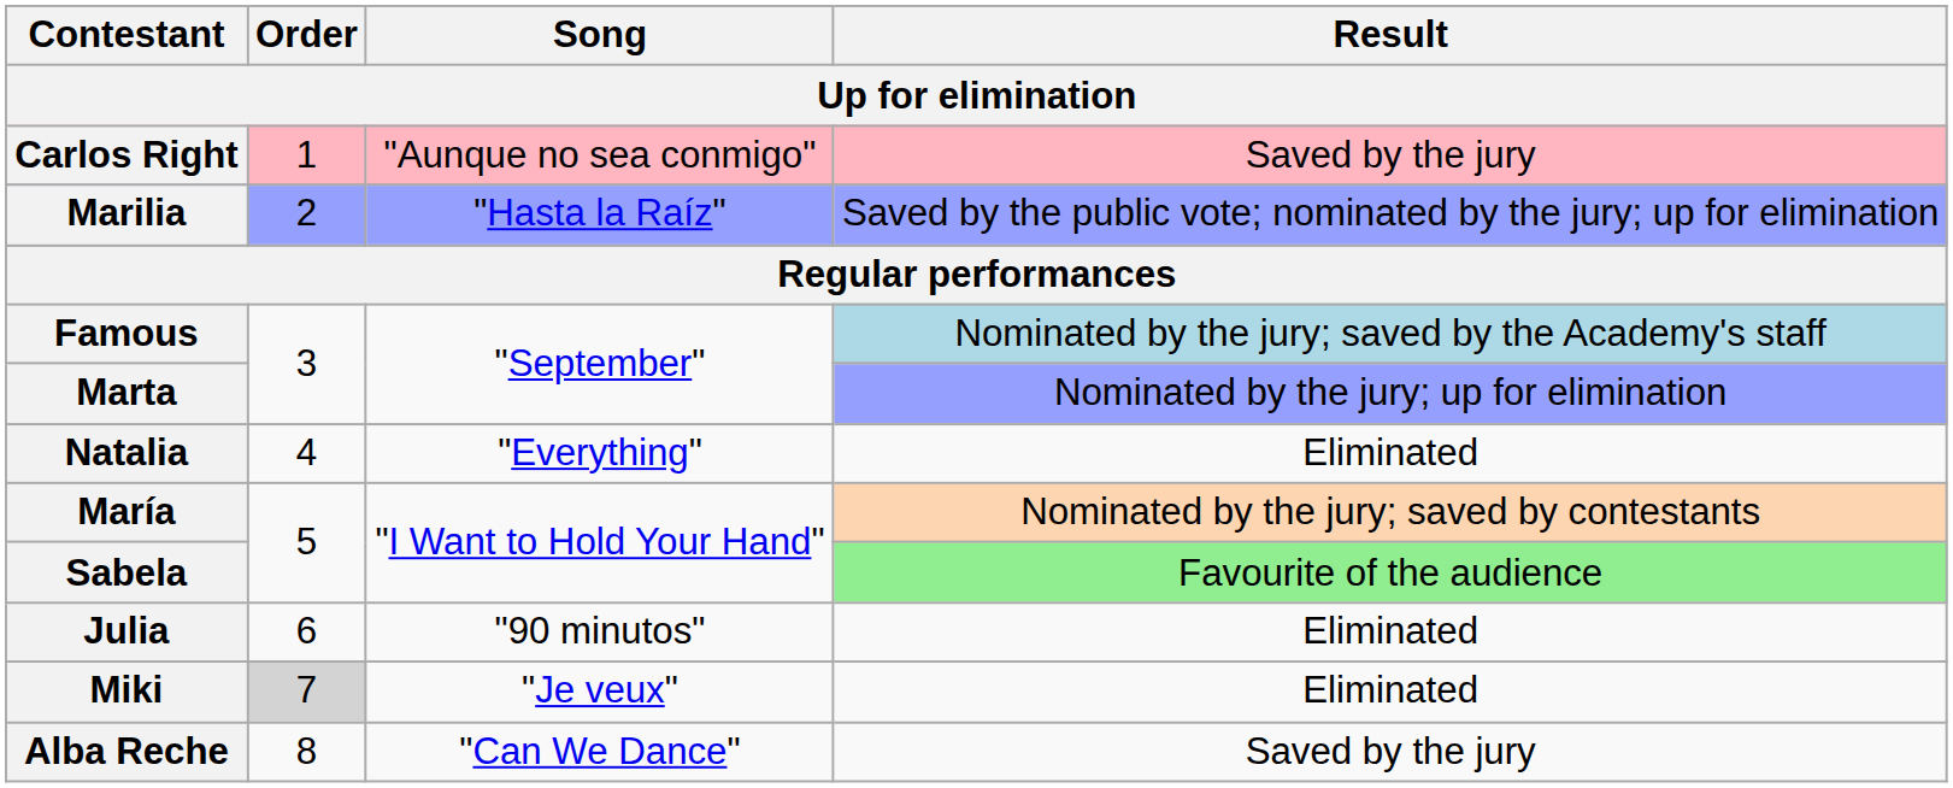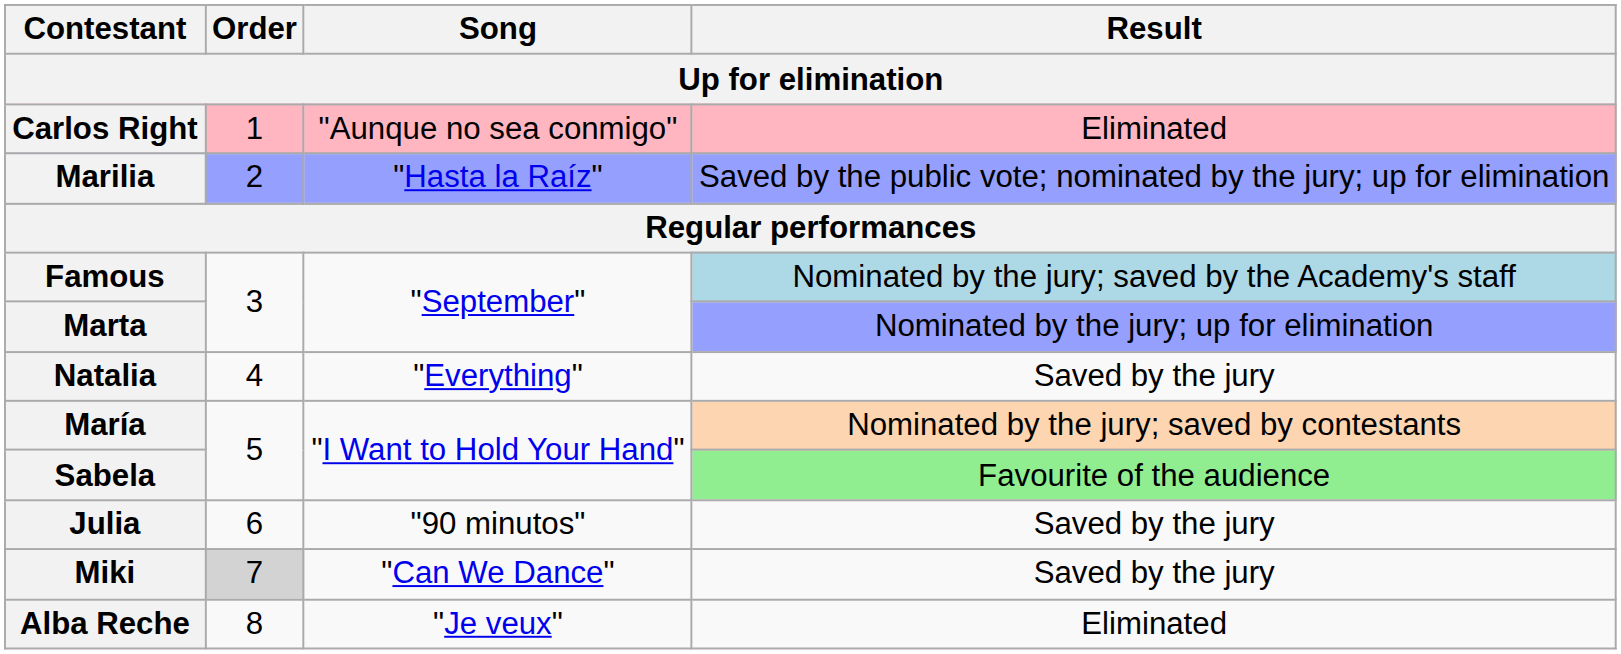 <table class="wikitable plainrowheaders" style="text-align:center;">
 <tr>
 <th scope="col">Contestant</th>
 <th scope="col">Order</th>
 <th scope="col">Song</th>
 <th scope="col">Result</th>
 </tr>
 <tr>
 <th colspan="4">Up for elimination</th>
 </tr>
 <tr style="background:lightpink">
 <th scope="row">Carlos Right</th>
 <td>1</td>
 <td>"Aunque no sea conmigo"</td>
-<td>Saved by the jury</td>
+<td>Eliminated</td>
 </tr>
 <tr style="background:#959ffd;">
 <th scope="row">Marilia</th>
 <td>2</td>
 <td>"<a href='#'>Hasta la Raíz</a>"</td>
 <td>Saved by the public vote; nominated by the jury; up for elimination</td>
 </tr>
 <tr>
 <th colspan="4">Regular performances</th>
 </tr>
 <tr>
 <th scope="row">Famous</th>
 <td rowspan="2">3</td>
 <td rowspan="2">"<a href='#'>September</a>"</td>
 <td style="background:lightblue;">Nominated by the jury; saved by the Academy's staff</td>
 </tr>
 <tr>
 <th scope="row">Marta</th>
 <td style="background:#959ffd;">Nominated by the jury; up for elimination</td>
 </tr>
 <tr>
 <th scope="row">Natalia</th>
 <td>4</td>
 <td>"<a href='#'>Everything</a>"</td>
-<td>Eliminated</td>
+<td>Saved by the jury</td>
 </tr>
 <tr>
 <th scope="row">María</th>
 <td rowspan="2">5</td>
 <td rowspan="2">"<a href='#'>I Want to Hold Your Hand</a>"</td>
 <td style="background:#fdd5b1;">Nominated by the jury; saved by contestants</td>
 </tr>
 <tr>
 <th scope="row">Sabela</th>
 <td style="background:lightgreen">Favourite of the audience</td>
 </tr>
 <tr>
 <th scope="row">Julia</th>
 <td>6</td>
 <td>"90 minutos"</td>
-<td>Eliminated</td>
+<td>Saved by the jury</td>
 </tr>
 <tr>
 <th scope="row">Miki</th>
 <td style="background: lightgrey;">7</td>
-<td>"<a href='#'>Je veux</a>"</td>
-<td>Eliminated</td>
+<td>"<a href='#'>Can We Dance</a>"</td>
+<td>Saved by the jury</td>
 </tr>
 <tr>
 <th scope="row">Alba Reche</th>
 <td>8</td>
-<td>"<a href='#'>Can We Dance</a>"</td>
-<td>Saved by the jury</td>
+<td>"<a href='#'>Je veux</a>"</td>
+<td>Eliminated</td>
 </tr>
 </table>
